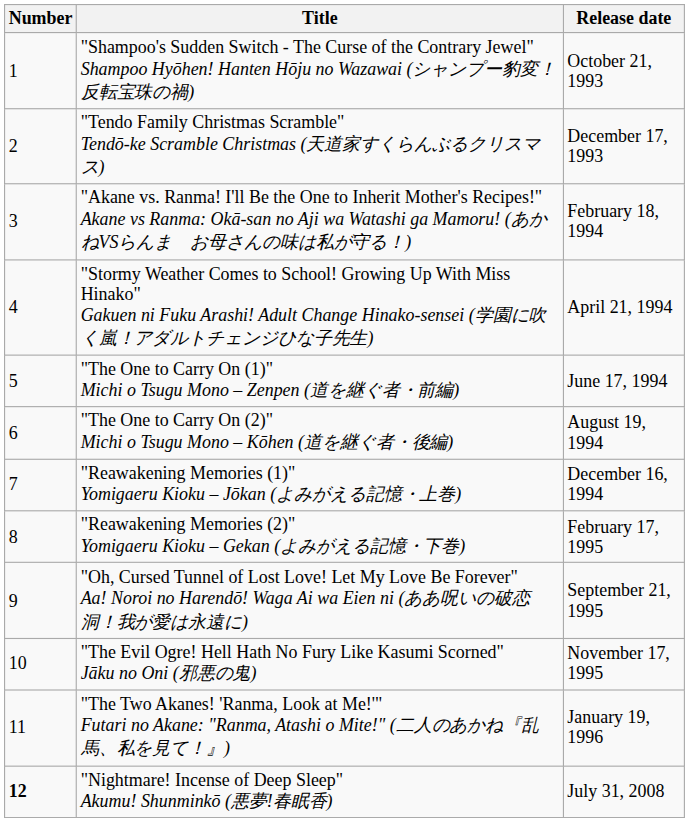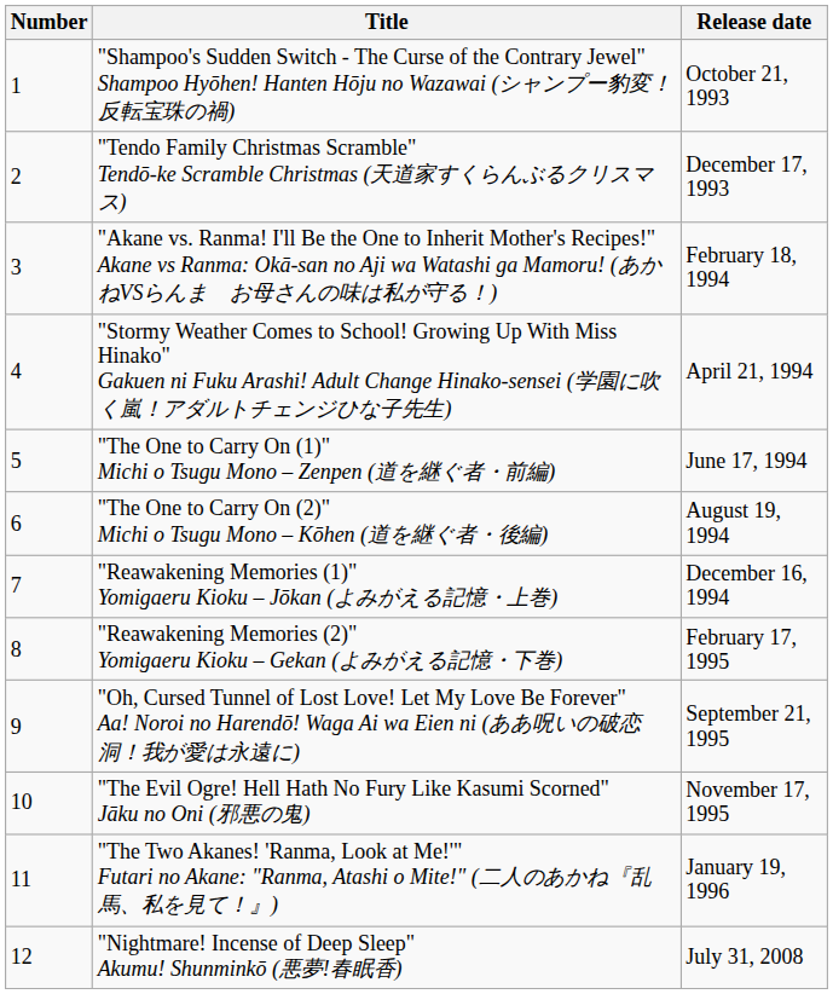 <table class="wikitable">
 <tr>
 <th>Number</th>
 <th>Title</th>
 <th>Release date</th>
 </tr>
 <tr --->
 <td>1</td>
 <td>"Shampoo's Sudden Switch - The Curse of the Contrary Jewel"<br><em>Shampoo Hyōhen! Hanten Hōju no Wazawai (シャンプー豹変！反転宝珠の禍)</em></td>
 <td>October 21, 1993</td>
 </tr>
 <tr --->
 <td>2</td>
 <td>"Tendo Family Christmas Scramble"<br><em>Tendō-ke Scramble Christmas (天道家すくらんぶるクリスマス)</em></td>
 <td>December 17, 1993</td>
 </tr>
 <tr --->
 <td>3</td>
 <td>"Akane vs. Ranma! I'll Be the One to Inherit Mother's Recipes!"<br><em>Akane vs Ranma: Okā-san no Aji wa Watashi ga Mamoru! (あかねVSらんま　お母さんの味は私が守る！)</em></td>
 <td>February 18, 1994</td>
 </tr>
 <tr --->
 <td>4</td>
 <td>"Stormy Weather Comes to School! Growing Up With Miss Hinako"<br><em>Gakuen ni Fuku Arashi! Adult Change Hinako-sensei (学園に吹く嵐！アダルトチェンジひな子先生)</em></td>
 <td>April 21, 1994</td>
 </tr>
 <tr --->
 <td>5</td>
 <td>"The One to Carry On (1)"<br><em>Michi o Tsugu Mono – Zenpen (道を継ぐ者・前編)</em></td>
 <td>June 17, 1994</td>
 </tr>
 <tr --->
 <td>6</td>
 <td>"The One to Carry On (2)"<br><em>Michi o Tsugu Mono – Kōhen (道を継ぐ者・後編)</em></td>
 <td>August 19, 1994</td>
 </tr>
 <tr --->
 <td>7</td>
 <td>"Reawakening Memories (1)"<br><em>Yomigaeru Kioku – Jōkan (よみがえる記憶・上巻)</em></td>
 <td>December 16, 1994</td>
 </tr>
 <tr --->
 <td>8</td>
 <td>"Reawakening Memories (2)"<br><em>Yomigaeru Kioku – Gekan (よみがえる記憶・下巻)</em></td>
 <td>February 17, 1995</td>
 </tr>
 <tr --->
 <td>9</td>
 <td>"Oh, Cursed Tunnel of Lost Love! Let My Love Be Forever"<br><em>Aa! Noroi no Harendō! Waga Ai wa Eien ni (ああ呪いの破恋洞！我が愛は永遠に)</em></td>
 <td>September 21, 1995</td>
 </tr>
 <tr --->
 <td>10</td>
 <td>"The Evil Ogre! Hell Hath No Fury Like Kasumi Scorned"<br><em>Jāku no Oni (邪悪の鬼)</em></td>
 <td>November 17, 1995</td>
 </tr>
 <tr --->
 <td>11</td>
 <td>"The Two Akanes! 'Ranma, Look at Me!'"<br><em>Futari no Akane: "Ranma, Atashi o Mite!" (二人のあかね『乱馬、私を見て！』)</em></td>
 <td>January 19, 1996</td>
 </tr>
 <tr --->
-<td><strong>12</strong></td>
+<td>12</td>
 <td>"Nightmare! Incense of Deep Sleep"<br><em>Akumu! Shunminkō (悪夢!春眠香)</em></td>
 <td>July 31, 2008</td>
 </tr>
 <tr --->
 </tr>
 </table>
